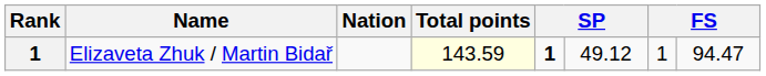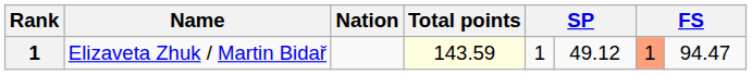 <table class="wikitable sortable">
 <tr>
 <th>Rank</th>
 <th>Name</th>
 <th>Nation</th>
 <th>Total points</th>
 <th colspan="2" width="80px"><a href='#'>SP</a></th>
 <th colspan="2" width="80px"><a href='#'>FS</a></th>
 </tr>
 <tr>
 <th>1</th>
 <td><a href='#'>Elizaveta Zhuk</a> / <a href='#'>Martin Bidař</a></td>
 <td></td>
 <td align="center" style="background: lightyellow;">143.59</td>
-<td align="center"><strong>1</strong></td>
+<td align="center">1</td>
 <td align="center">49.12</td>
-<td align="center">1</td>
+<td align="center" style="background: lightsalmon;">1</td>
 <td align="center">94.47</td>
 </tr>
 </table>
